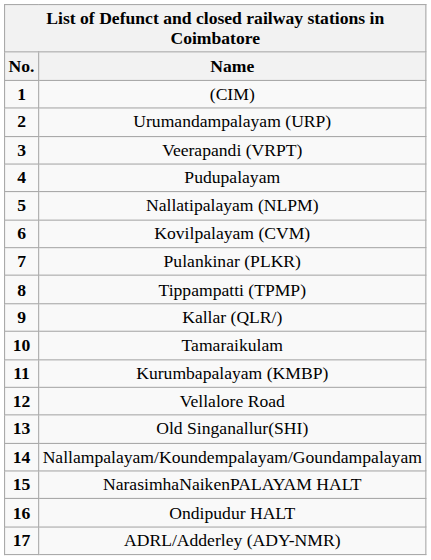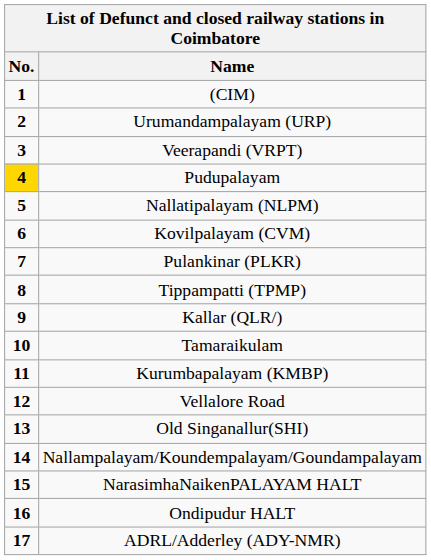 <table class="wikitable"  style="text-align:center; width: 20%;">
 <tr>
 <th colspan="2">List of Defunct and closed railway stations in Coimbatore</th>
 </tr>
 <tr>
 <th>No.</th>
 <th>Name</th>
 </tr>
 <tr>
 <td><strong>1</strong></td>
 <td> (CIM)</td>
 </tr>
 <tr>
 <td><strong>2</strong></td>
 <td>Urumandampalayam (URP)</td>
 </tr>
 <tr>
 <td><strong>3</strong></td>
 <td>Veerapandi (VRPT)</td>
 </tr>
 <tr>
-<td><strong>4</strong></td>
+<td style="background: gold;"><strong>4</strong></td>
 <td>Pudupalayam</td>
 </tr>
 <tr>
 <td><strong>5</strong></td>
 <td>Nallatipalayam (NLPM)</td>
 </tr>
 <tr>
 <td><strong>6</strong></td>
 <td>Kovilpalayam (CVM)</td>
 </tr>
 <tr>
 <td><strong>7</strong></td>
 <td>Pulankinar (PLKR)</td>
 </tr>
 <tr>
 <td><strong>8</strong></td>
 <td>Tippampatti (TPMP)</td>
 </tr>
 <tr>
 <td><strong>9</strong></td>
 <td>Kallar (QLR/)</td>
 </tr>
 <tr>
 <td><strong>10</strong></td>
 <td>Tamaraikulam</td>
 </tr>
 <tr>
 <td><strong>11</strong></td>
 <td>Kurumbapalayam (KMBP)</td>
 </tr>
 <tr>
 <td><strong>12</strong></td>
 <td>Vellalore Road </td>
 </tr>
 <tr>
 <td><strong>13</strong></td>
 <td>Old Singanallur(SHI)</td>
 </tr>
 <tr>
 <td><strong>14</strong></td>
 <td>Nallampalayam/Koundempalayam/Goundampalayam</td>
 </tr>
 <tr>
 <td><strong>15</strong></td>
 <td>NarasimhaNaikenPALAYAM HALT</td>
 </tr>
 <tr>
 <td><strong>16</strong></td>
 <td>Ondipudur HALT</td>
 </tr>
 <tr>
 <td><strong>17</strong></td>
 <td>ADRL/Adderley (ADY-NMR)</td>
 </tr>
 </table>
